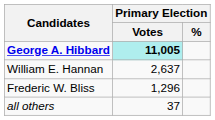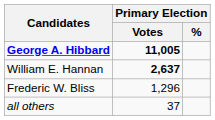 <table class=wikitable>
 <tr>
 <th colspan=1 rowspan=2 ><strong>Candidates</strong></th>
 <th colspan=2><strong>Primary Election</strong></th>
 </tr>
 <tr>
 <th>Votes</th>
 <th>%</th>
 </tr>
 <tr>
 <td><strong><a href='#'>George A. Hibbard</a></strong></td>
-<td align="right" style="background: paleturquoise;"><strong>11,005</strong></td>
+<td align="right"><strong>11,005</strong></td>
 <td align="right"><strong></strong></td>
 </tr>
 <tr>
 <td>William E. Hannan</td>
-<td align="right">2,637</td>
+<td align="right"><strong>2,637</strong></td>
 <td align="right"></td>
 </tr>
 <tr>
 <td>Frederic W. Bliss</td>
 <td align="right">1,296</td>
 <td align="right"></td>
 </tr>
 <tr>
 <td><em>all others</em></td>
 <td align="right">37</td>
 <td align="right"></td>
 </tr>
 </table>
